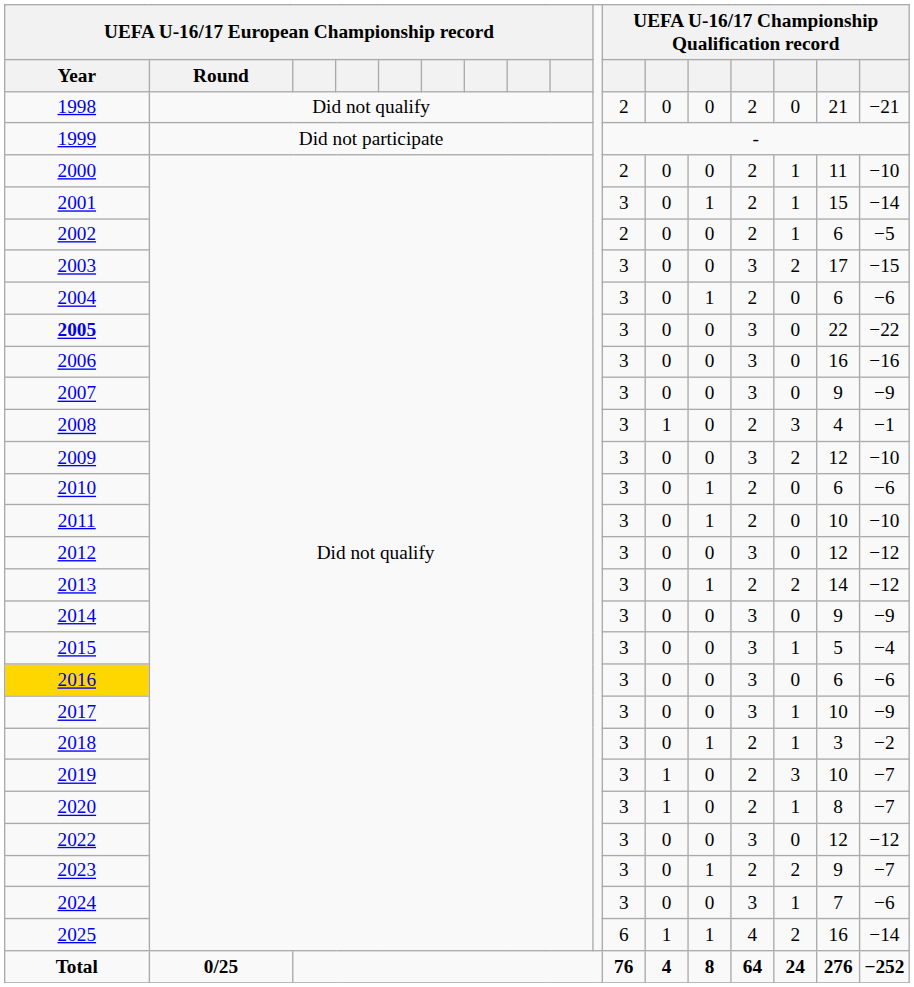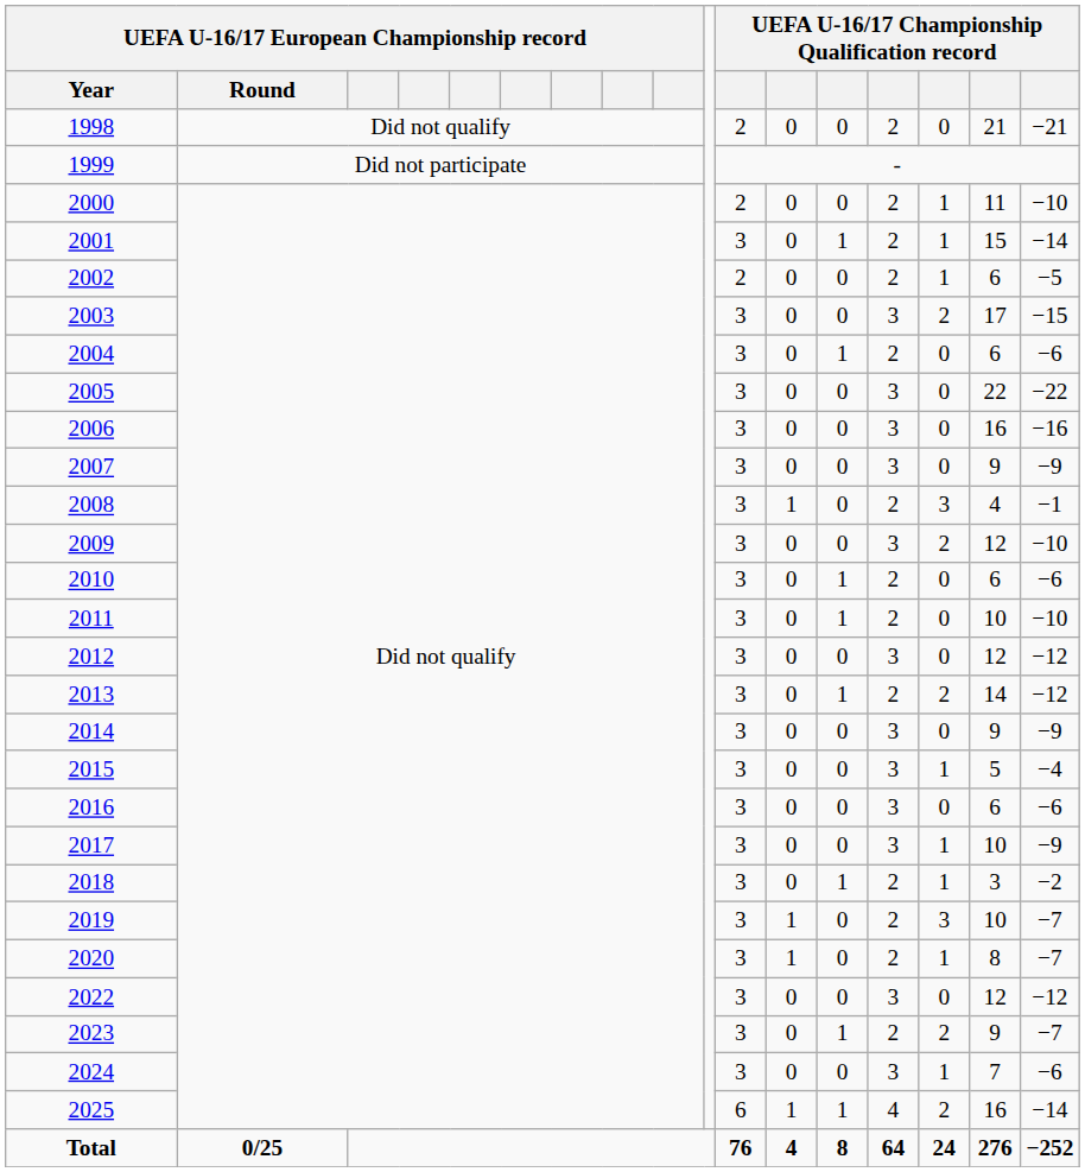 <table class="wikitable" style="text-align: center; font-size: 90%;">
 <tr>
 <th colspan=9>UEFA U-16/17 European Championship record</th>
 <td width=1% rowspan=29></td>
 <th colspan=7>UEFA U-16/17 Championship Qualification record</th>
 </tr>
 <tr>
 <th width=100>Year</th>
 <th width=100>Round</th>
 <th width=25></th>
 <th width=25></th>
 <th width=25></th>
 <th width=25></th>
 <th width=25></th>
 <th width=25></th>
 <th width=25></th>
 <th width=25></th>
 <th width=25></th>
 <th width=25></th>
 <th width=25></th>
 <th width=25></th>
 <th width=25></th>
 <th width=25></th>
 </tr>
 <tr>
 <td> <a href='#'>1998</a></td>
 <td colspan=8>Did not qualify</td>
 <td>2</td>
 <td>0</td>
 <td>0</td>
 <td>2</td>
 <td>0</td>
 <td>21</td>
 <td>−21</td>
 </tr>
 <tr>
 <td> <a href='#'>1999</a></td>
 <td colspan=8>Did not participate</td>
 <td colspan=7>-</td>
 </tr>
 <tr>
 <td> <a href='#'>2000</a></td>
 <td rowspan=25 colspan=9>Did not qualify</td>
 <td>2</td>
 <td>0</td>
 <td>0</td>
 <td>2</td>
 <td>1</td>
 <td>11</td>
 <td>−10</td>
 </tr>
 <tr>
 <td> <a href='#'>2001</a></td>
 <td>3</td>
 <td>0</td>
 <td>1</td>
 <td>2</td>
 <td>1</td>
 <td>15</td>
 <td>−14</td>
 </tr>
 <tr>
 <td> <a href='#'>2002</a></td>
 <td>2</td>
 <td>0</td>
 <td>0</td>
 <td>2</td>
 <td>1</td>
 <td>6</td>
 <td>−5</td>
 </tr>
 <tr>
 <td> <a href='#'>2003</a></td>
 <td>3</td>
 <td>0</td>
 <td>0</td>
 <td>3</td>
 <td>2</td>
 <td>17</td>
 <td>−15</td>
 </tr>
 <tr>
 <td> <a href='#'>2004</a></td>
 <td>3</td>
 <td>0</td>
 <td>1</td>
 <td>2</td>
 <td>0</td>
 <td>6</td>
 <td>−6</td>
 </tr>
 <tr>
-<td><strong> <a href='#'>2005</a></strong></td>
+<td> <a href='#'>2005</a></td>
 <td>3</td>
 <td>0</td>
 <td>0</td>
 <td>3</td>
 <td>0</td>
 <td>22</td>
 <td>−22</td>
 </tr>
 <tr>
 <td> <a href='#'>2006</a></td>
 <td>3</td>
 <td>0</td>
 <td>0</td>
 <td>3</td>
 <td>0</td>
 <td>16</td>
 <td>−16</td>
 </tr>
 <tr>
 <td> <a href='#'>2007</a></td>
 <td>3</td>
 <td>0</td>
 <td>0</td>
 <td>3</td>
 <td>0</td>
 <td>9</td>
 <td>−9</td>
 </tr>
 <tr>
 <td> <a href='#'>2008</a></td>
 <td>3</td>
 <td>1</td>
 <td>0</td>
 <td>2</td>
 <td>3</td>
 <td>4</td>
 <td>−1</td>
 </tr>
 <tr>
 <td> <a href='#'>2009</a></td>
 <td>3</td>
 <td>0</td>
 <td>0</td>
 <td>3</td>
 <td>2</td>
 <td>12</td>
 <td>−10</td>
 </tr>
 <tr>
 <td> <a href='#'>2010</a></td>
 <td>3</td>
 <td>0</td>
 <td>1</td>
 <td>2</td>
 <td>0</td>
 <td>6</td>
 <td>−6</td>
 </tr>
 <tr>
 <td> <a href='#'>2011</a></td>
 <td>3</td>
 <td>0</td>
 <td>1</td>
 <td>2</td>
 <td>0</td>
 <td>10</td>
 <td>−10</td>
 </tr>
 <tr>
 <td> <a href='#'>2012</a></td>
 <td>3</td>
 <td>0</td>
 <td>0</td>
 <td>3</td>
 <td>0</td>
 <td>12</td>
 <td>−12</td>
 </tr>
 <tr>
 <td> <a href='#'>2013</a></td>
 <td>3</td>
 <td>0</td>
 <td>1</td>
 <td>2</td>
 <td>2</td>
 <td>14</td>
 <td>−12</td>
 </tr>
 <tr>
 <td> <a href='#'>2014</a></td>
 <td>3</td>
 <td>0</td>
 <td>0</td>
 <td>3</td>
 <td>0</td>
 <td>9</td>
 <td>−9</td>
 </tr>
 <tr>
 <td> <a href='#'>2015</a></td>
 <td>3</td>
 <td>0</td>
 <td>0</td>
 <td>3</td>
 <td>1</td>
 <td>5</td>
 <td>−4</td>
 </tr>
 <tr>
-<td style="background: gold;"> <a href='#'>2016</a></td>
+<td> <a href='#'>2016</a></td>
 <td>3</td>
 <td>0</td>
 <td>0</td>
 <td>3</td>
 <td>0</td>
 <td>6</td>
 <td>−6</td>
 </tr>
 <tr>
 <td> <a href='#'>2017</a></td>
 <td>3</td>
 <td>0</td>
 <td>0</td>
 <td>3</td>
 <td>1</td>
 <td>10</td>
 <td>−9</td>
 </tr>
 <tr>
 <td> <a href='#'>2018</a></td>
 <td>3</td>
 <td>0</td>
 <td>1</td>
 <td>2</td>
 <td>1</td>
 <td>3</td>
 <td>−2</td>
 </tr>
 <tr>
 <td> <a href='#'>2019</a></td>
 <td>3</td>
 <td>1</td>
 <td>0</td>
 <td>2</td>
 <td>3</td>
 <td>10</td>
 <td>−7</td>
 </tr>
 <tr>
 <td> <a href='#'>2020</a></td>
 <td>3</td>
 <td>1</td>
 <td>0</td>
 <td>2</td>
 <td>1</td>
 <td>8</td>
 <td>−7</td>
 </tr>
 <tr>
 <td> <a href='#'>2022</a></td>
 <td>3</td>
 <td>0</td>
 <td>0</td>
 <td>3</td>
 <td>0</td>
 <td>12</td>
 <td>−12</td>
 </tr>
 <tr>
 <td> <a href='#'>2023</a></td>
 <td>3</td>
 <td>0</td>
 <td>1</td>
 <td>2</td>
 <td>2</td>
 <td>9</td>
 <td>−7</td>
 </tr>
 <tr>
 <td> <a href='#'>2024</a></td>
 <td>3</td>
 <td>0</td>
 <td>0</td>
 <td>3</td>
 <td>1</td>
 <td>7</td>
 <td>−6</td>
 </tr>
 <tr>
 <td> <a href='#'>2025</a></td>
 <td>6</td>
 <td>1</td>
 <td>1</td>
 <td>4</td>
 <td>2</td>
 <td>16</td>
 <td>−14</td>
 </tr>
 <tr>
 <td><strong>Total</strong></td>
 <td><strong>0/25</strong></td>
 <td colspan=8></td>
 <td><strong>76</strong></td>
 <td><strong>4</strong></td>
 <td><strong>8</strong></td>
 <td><strong>64</strong></td>
 <td><strong>24</strong></td>
 <td><strong>276</strong></td>
 <td><strong>−252</strong></td>
 </tr>
 </table>
